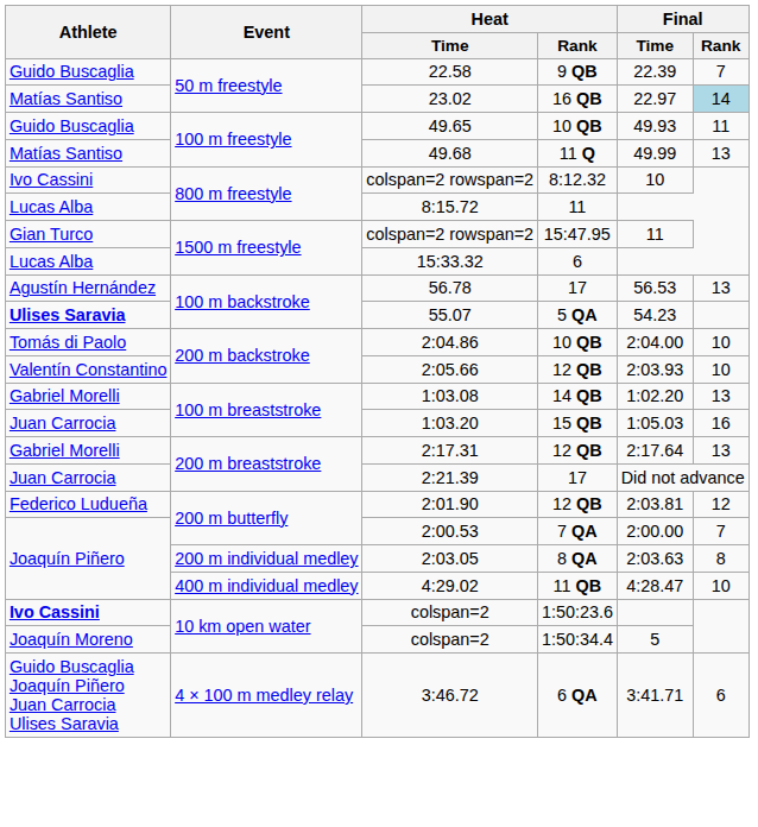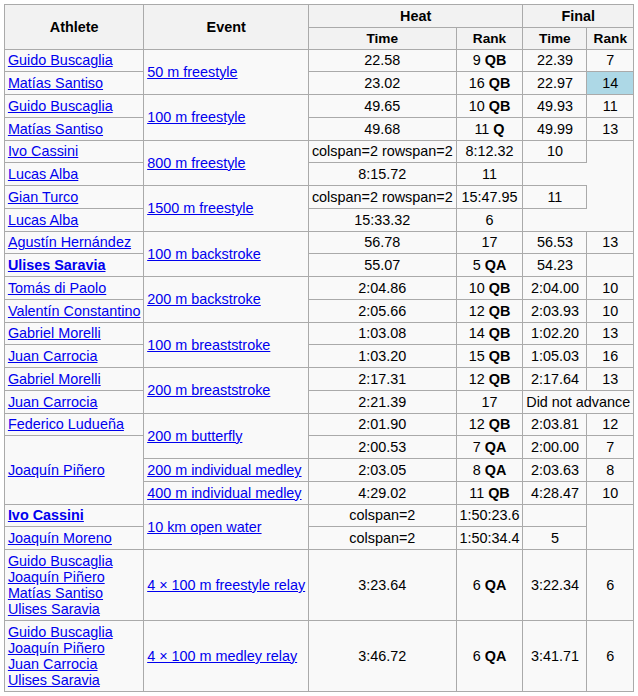 <table class=wikitable style="font-size:90%">
 <tr>
 <th rowspan="2">Athlete</th>
 <th rowspan="2">Event</th>
 <th colspan="2">Heat</th>
 <th colspan="2">Final</th>
 </tr>
 <tr style="font-size:95%">
 <th>Time</th>
 <th>Rank</th>
 <th>Time</th>
 <th>Rank</th>
 </tr>
 <tr align=center>
 <td align=left><a href='#'>Guido Buscaglia</a></td>
 <td align=left rowspan=2><a href='#'>50 m freestyle</a></td>
 <td>22.58</td>
 <td>9 <strong>QB</strong></td>
 <td>22.39</td>
 <td>7</td>
 </tr>
 <tr align=center>
 <td align=left><a href='#'>Matías Santiso</a></td>
 <td>23.02</td>
 <td>16 <strong>QB</strong></td>
 <td>22.97</td>
 <td style="background: lightblue;">14</td>
 </tr>
 <tr align=center>
 <td align=left><a href='#'>Guido Buscaglia</a></td>
 <td align=left rowspan=2><a href='#'>100 m freestyle</a></td>
 <td>49.65</td>
 <td>10 <strong>QB</strong></td>
 <td>49.93</td>
 <td>11</td>
 </tr>
 <tr align=center>
 <td align=left><a href='#'>Matías Santiso</a></td>
 <td>49.68</td>
 <td>11 <strong>Q</strong></td>
 <td>49.99</td>
 <td>13</td>
 </tr>
 <tr align=center>
 <td align=left><a href='#'>Ivo Cassini</a></td>
 <td align=left rowspan=2><a href='#'>800 m freestyle</a></td>
 <td>colspan=2 rowspan=2 </td>
 <td>8:12.32</td>
 <td>10</td>
 </tr>
 <tr align=center>
 <td align=left><a href='#'>Lucas Alba</a></td>
 <td>8:15.72</td>
 <td>11</td>
 </tr>
 <tr align=center>
 <td align=left><a href='#'>Gian Turco</a></td>
 <td align=left rowspan=2><a href='#'>1500 m freestyle</a></td>
 <td>colspan=2 rowspan=2 </td>
 <td>15:47.95</td>
 <td>11</td>
 </tr>
 <tr align=center>
 <td align=left><a href='#'>Lucas Alba</a></td>
 <td>15:33.32</td>
 <td>6</td>
 </tr>
 <tr align=center>
 <td align=left><a href='#'>Agustín Hernández</a></td>
 <td align=left rowspan=2><a href='#'>100 m backstroke</a></td>
 <td>56.78</td>
 <td>17</td>
 <td>56.53</td>
 <td>13</td>
 </tr>
 <tr align=center>
 <td align=left><strong><a href='#'>Ulises Saravia</a></strong></td>
 <td>55.07</td>
 <td>5 <strong>QA</strong></td>
 <td>54.23</td>
 <td></td>
 </tr>
 <tr align=center>
 <td align=left><a href='#'>Tomás di Paolo</a></td>
 <td align=left rowspan=2><a href='#'>200 m backstroke</a></td>
 <td>2:04.86</td>
 <td>10 <strong>QB</strong></td>
 <td>2:04.00</td>
 <td>10</td>
 </tr>
 <tr align=center>
 <td align=left><a href='#'>Valentín Constantino</a></td>
 <td>2:05.66</td>
 <td>12 <strong>QB</strong></td>
 <td>2:03.93</td>
 <td>10</td>
 </tr>
 <tr align=center>
 <td align=left><a href='#'>Gabriel Morelli</a></td>
 <td align=left rowspan=2><a href='#'>100 m breaststroke</a></td>
 <td>1:03.08</td>
 <td>14 <strong>QB</strong></td>
 <td>1:02.20</td>
 <td>13</td>
 </tr>
 <tr align=center>
 <td align=left><a href='#'>Juan Carrocia</a></td>
 <td>1:03.20</td>
 <td>15 <strong>QB</strong></td>
 <td>1:05.03</td>
 <td>16</td>
 </tr>
 <tr align=center>
 <td align=left><a href='#'>Gabriel Morelli</a></td>
 <td align=left rowspan=2><a href='#'>200 m breaststroke</a></td>
 <td>2:17.31</td>
 <td>12 <strong>QB</strong></td>
 <td>2:17.64</td>
 <td>13</td>
 </tr>
 <tr align=center>
 <td align=left><a href='#'>Juan Carrocia</a></td>
 <td>2:21.39</td>
 <td>17</td>
 <td colspan=2>Did not advance</td>
 </tr>
 <tr align=center>
 <td align=left><a href='#'>Federico Ludueña</a></td>
 <td align=left rowspan=2><a href='#'>200 m butterfly</a></td>
 <td>2:01.90</td>
 <td>12 <strong>QB</strong></td>
 <td>2:03.81</td>
 <td>12</td>
 </tr>
 <tr align=center>
 <td align=left rowspan=3><a href='#'>Joaquín Piñero</a></td>
 <td>2:00.53</td>
 <td>7 <strong>QA</strong></td>
 <td>2:00.00</td>
 <td>7</td>
 </tr>
 <tr align=center>
 <td align=left><a href='#'>200 m individual medley</a></td>
 <td>2:03.05</td>
 <td>8 <strong>QA</strong></td>
 <td>2:03.63</td>
 <td>8</td>
 </tr>
 <tr align=center>
 <td align=left><a href='#'>400 m individual medley</a></td>
 <td>4:29.02</td>
 <td>11 <strong>QB</strong></td>
 <td>4:28.47</td>
 <td>10</td>
 </tr>
 <tr align=center>
 <td align=left><strong><a href='#'>Ivo Cassini</a></strong></td>
 <td align=left rowspan=2><a href='#'>10 km open water</a></td>
 <td>colspan=2 </td>
 <td>1:50:23.6</td>
 <td></td>
 </tr>
 <tr align=center>
 <td align=left><a href='#'>Joaquín Moreno</a></td>
 <td>colspan=2 </td>
 <td>1:50:34.4</td>
 <td>5</td>
 </tr>
 <tr align=center>
+<td align=left><a href='#'>Guido Buscaglia</a><br><a href='#'>Joaquín Piñero</a><br><a href='#'>Matías Santiso</a><br><a href='#'>Ulises Saravia</a></td>
+<td align=left><a href='#'>4 × 100 m freestyle relay</a></td>
+<td>3:23.64</td>
+<td>6 <strong>QA</strong></td>
+<td>3:22.34</td>
+<td>6</td>
+</tr>
+<tr align=center>
 <td align=left><a href='#'>Guido Buscaglia</a><br><a href='#'>Joaquín Piñero</a><br><a href='#'>Juan Carrocia</a><br><a href='#'>Ulises Saravia</a></td>
 <td align=left><a href='#'>4 × 100 m medley relay</a></td>
 <td>3:46.72</td>
 <td>6 <strong>QA</strong></td>
 <td>3:41.71</td>
 <td>6</td>
 </tr>
 </table>
